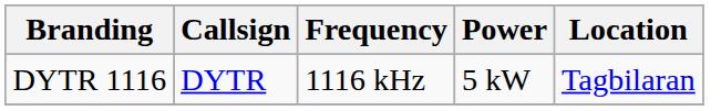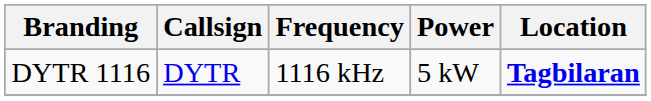 <table class="wikitable">
 <tr>
 <th>Branding</th>
 <th>Callsign</th>
 <th>Frequency</th>
 <th>Power</th>
 <th>Location</th>
 </tr>
 <tr>
 <td>DYTR 1116</td>
 <td><a href='#'>DYTR</a></td>
 <td>1116 kHz</td>
 <td>5 kW</td>
-<td><a href='#'>Tagbilaran</a></td>
+<td><strong><a href='#'>Tagbilaran</a></strong></td>
 </tr>
 <tr>
 </tr>
 </table>
